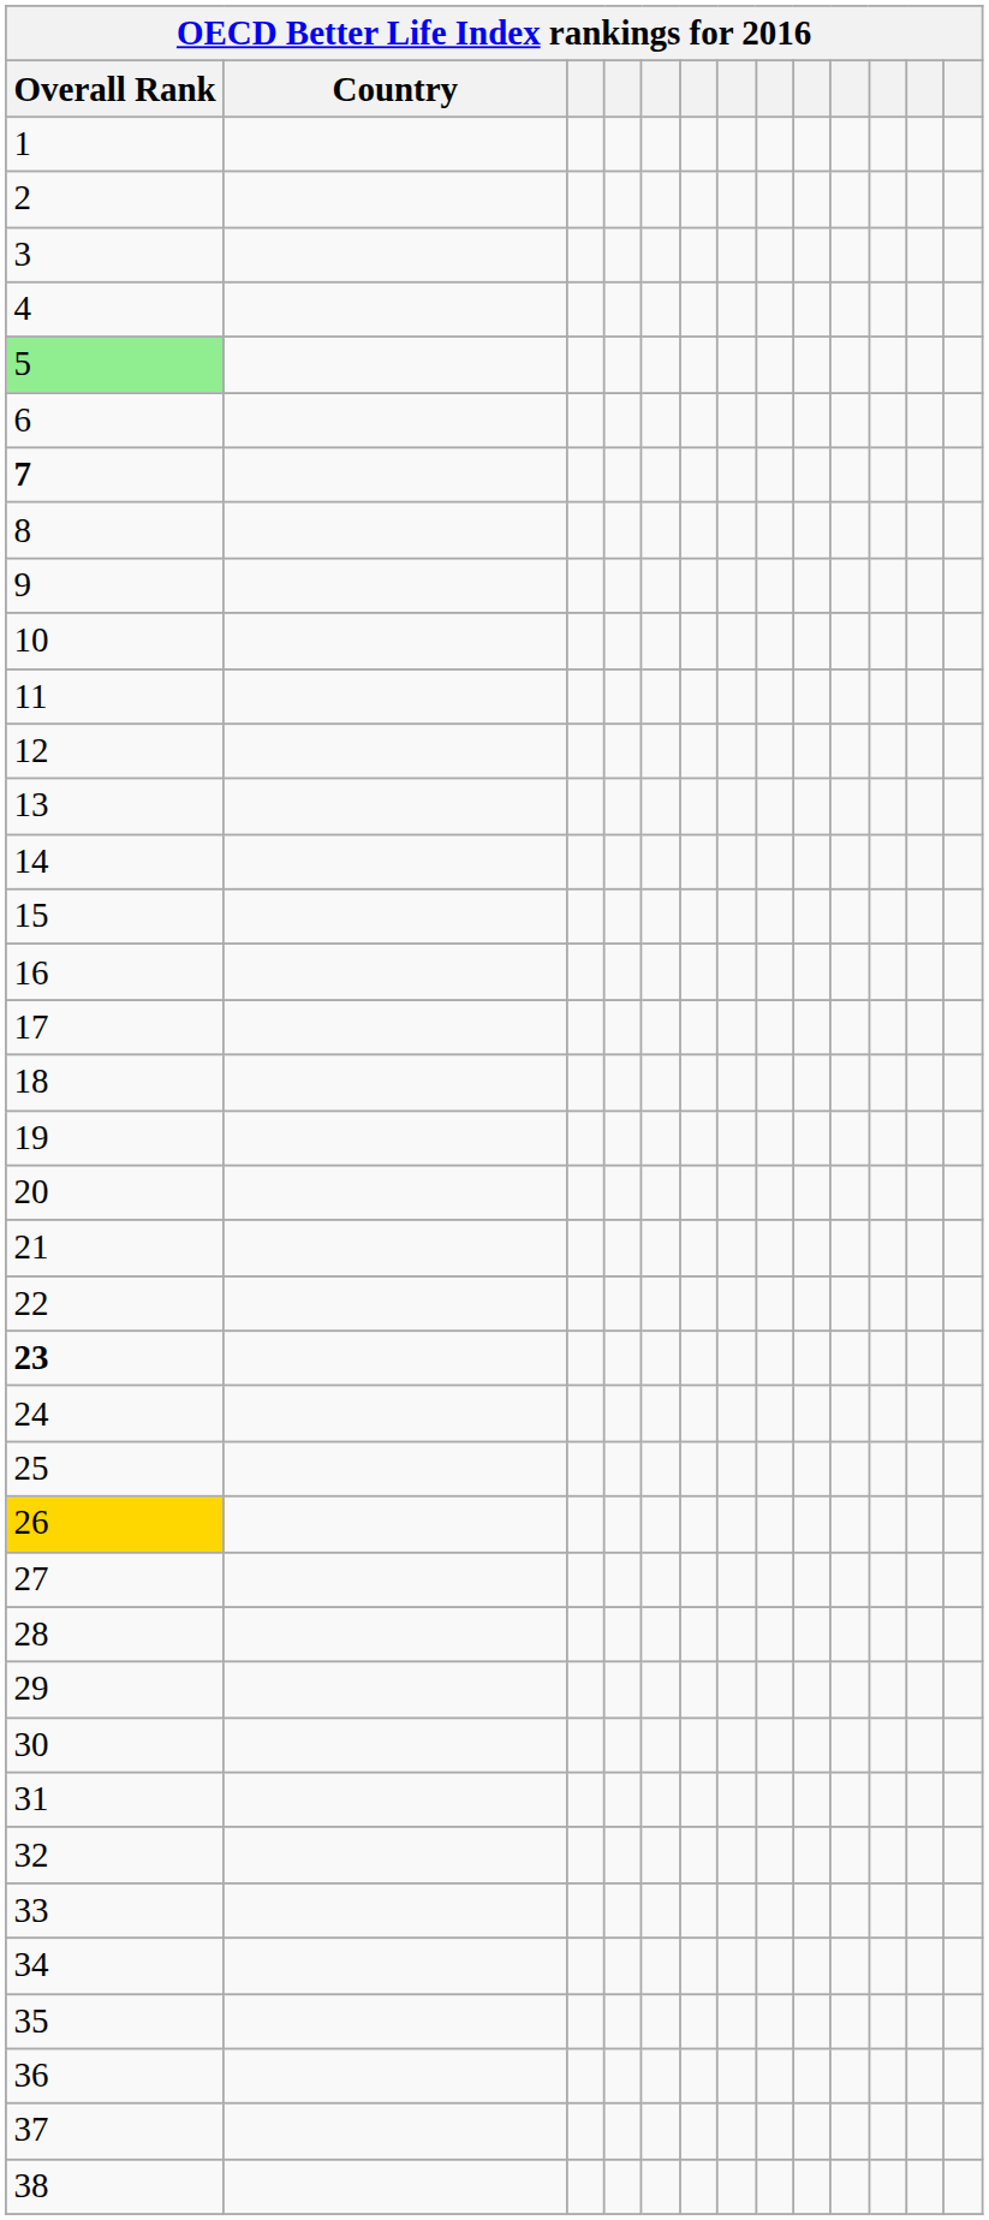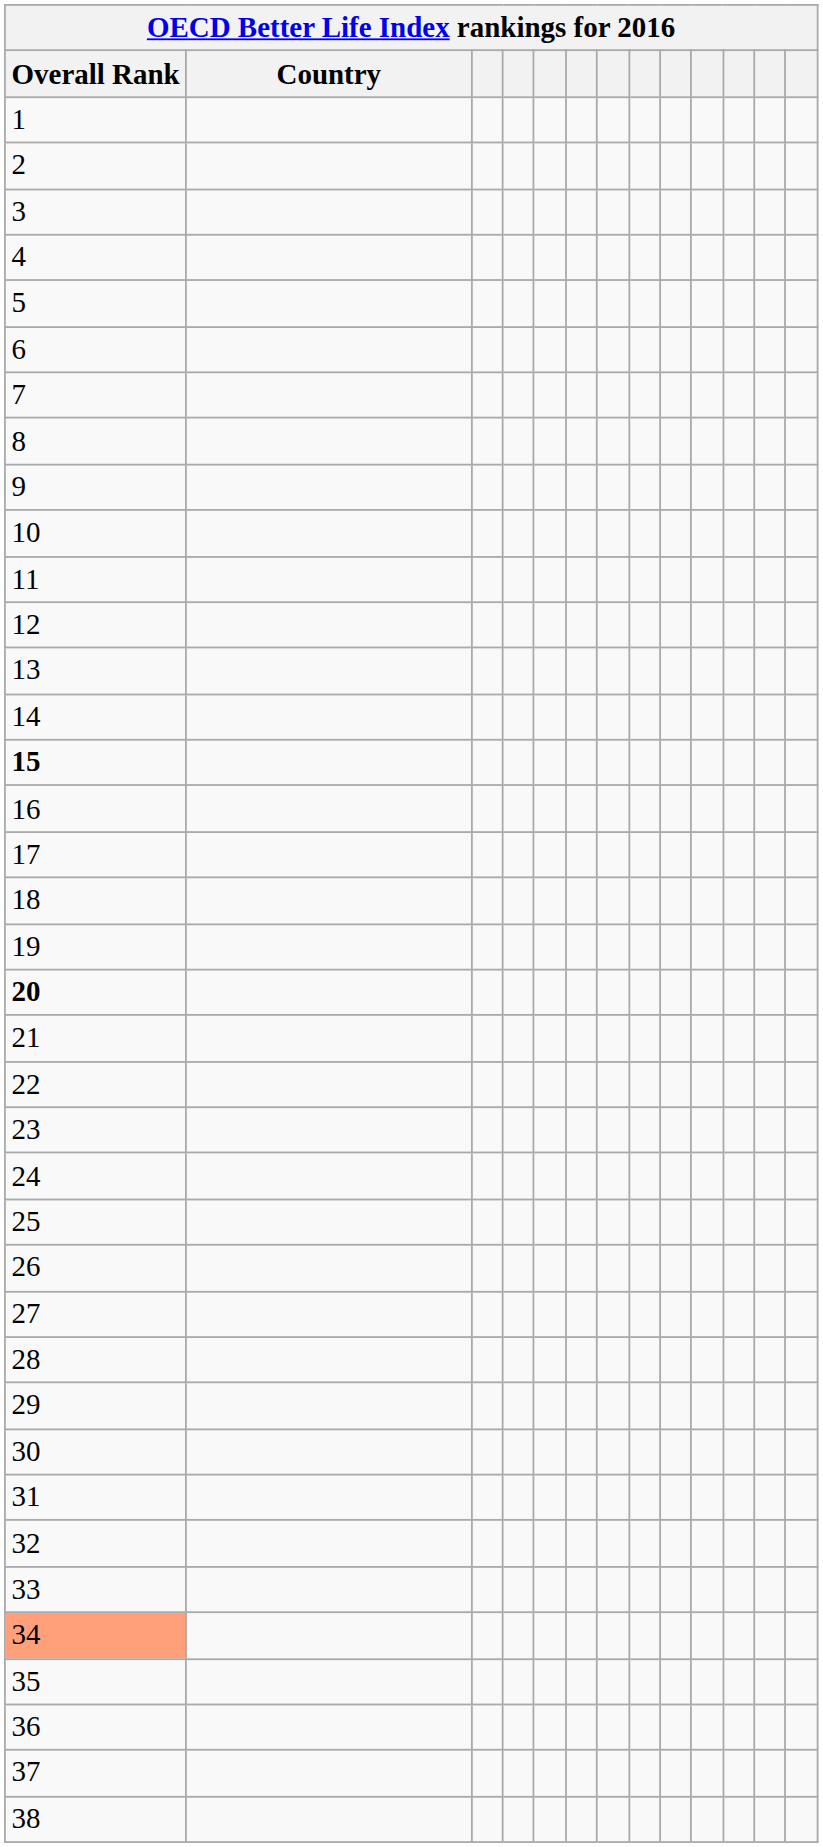 <table class="wikitable mw-collapsible ">
 <tr>
 <th style="text-align:center;" colspan="13"><a href='#'>OECD Better Life Index</a> rankings for 2016</th>
 </tr>
 <tr valign=top>
 <th>Overall Rank<br></th>
 <th style="width: 150px;">Country</th>
 <th style="width: 10px;"></th>
 <th style="width: 10px;"></th>
 <th style="width: 10px;"></th>
 <th style="width: 10px;"></th>
 <th style="width: 10px;"></th>
 <th style="width: 10px;"></th>
 <th style="width: 10px;"></th>
 <th style="width: 10px;"></th>
 <th style="width: 10px;"></th>
 <th style="width: 10px;"></th>
 <th style="width: 10px;"></th>
 </tr>
 <tr>
 <td>1</td>
 <td></td>
 <td data-sort-value="7.5"></td>
 <td data-sort-value="4.2"></td>
 <td data-sort-value="9.0"></td>
 <td data-sort-value="7.7"></td>
 <td data-sort-value="7.3"></td>
 <td data-sort-value="10.0"></td>
 <td data-sort-value="5.5"></td>
 <td data-sort-value="8.5"></td>
 <td data-sort-value="10.0"></td>
 <td data-sort-value="9.8"></td>
 <td data-sort-value="8.7"></td>
 </tr>
 <tr>
 <td>2</td>
 <td></td>
 <td data-sort-value="7.4"></td>
 <td data-sort-value="5.2"></td>
 <td data-sort-value="8.4"></td>
 <td data-sort-value="8.5"></td>
 <td data-sort-value="8.0"></td>
 <td data-sort-value="9.7"></td>
 <td data-sort-value="8.6"></td>
 <td data-sort-value="9.4"></td>
 <td data-sort-value="8.9"></td>
 <td data-sort-value="7.2"></td>
 <td data-sort-value="5.9"></td>
 </tr>
 <tr>
 <td>3</td>
 <td></td>
 <td data-sort-value="5.7"></td>
 <td data-sort-value="4.4"></td>
 <td data-sort-value="8.5"></td>
 <td data-sort-value="8.7"></td>
 <td data-sort-value="8.2"></td>
 <td data-sort-value="8.7"></td>
 <td data-sort-value="6.6"></td>
 <td data-sort-value="7.8"></td>
 <td data-sort-value="9.7"></td>
 <td data-sort-value="9.5"></td>
 <td data-sort-value="9.1"></td>
 </tr>
 <tr>
 <td>4</td>
 <td></td>
 <td data-sort-value="6.2"></td>
 <td data-sort-value="7.9"></td>
 <td data-sort-value="9.4"></td>
 <td data-sort-value="7.8"></td>
 <td data-sort-value="7.6"></td>
 <td data-sort-value="7.5"></td>
 <td data-sort-value="3.4"></td>
 <td data-sort-value="9.1"></td>
 <td data-sort-value="9.9"></td>
 <td data-sort-value="9.7"></td>
 <td data-sort-value="7.6"></td>
 </tr>
 <tr>
-<td style="background: lightgreen;">5</td>
+<td>5</td>
 <td></td>
 <td data-sort-value="7.6"></td>
 <td data-sort-value="5.6"></td>
 <td data-sort-value="8.4"></td>
 <td data-sort-value="8.0"></td>
 <td data-sort-value="7.2"></td>
 <td data-sort-value="7.9"></td>
 <td data-sort-value="6.4"></td>
 <td data-sort-value="9.6"></td>
 <td data-sort-value="9.3"></td>
 <td data-sort-value="9.0"></td>
 <td data-sort-value="7.2"></td>
 </tr>
 <tr>
 <td>6</td>
 <td></td>
 <td data-sort-value="6.5"></td>
 <td data-sort-value="5.2"></td>
 <td data-sort-value="8.1"></td>
 <td data-sort-value="7.3"></td>
 <td data-sort-value="7.6"></td>
 <td data-sort-value="9.5"></td>
 <td data-sort-value="6.4"></td>
 <td data-sort-value="9.0"></td>
 <td data-sort-value="8.8"></td>
 <td data-sort-value="8.6"></td>
 <td data-sort-value="8.5"></td>
 </tr>
 <tr>
-<td><strong>7</strong></td>
+<td>7</td>
 <td></td>
 <td data-sort-value="6.9"></td>
 <td data-sort-value="4.7"></td>
 <td data-sort-value="8.3"></td>
 <td data-sort-value="10.0"></td>
 <td data-sort-value="7.1"></td>
 <td data-sort-value="8.8"></td>
 <td data-sort-value="6.4"></td>
 <td data-sort-value="9.6"></td>
 <td data-sort-value="9.3"></td>
 <td data-sort-value="7.3"></td>
 <td data-sort-value="6.4"></td>
 </tr>
 <tr>
 <td>8</td>
 <td></td>
 <td data-sort-value="6.2"></td>
 <td data-sort-value="3.7"></td>
 <td data-sort-value="7.8"></td>
 <td data-sort-value="8.1"></td>
 <td data-sort-value="9.3"></td>
 <td data-sort-value="9.4"></td>
 <td data-sort-value="5.2"></td>
 <td data-sort-value="7.3"></td>
 <td data-sort-value="9.4"></td>
 <td data-sort-value="9.4"></td>
 <td data-sort-value="8.1"></td>
 </tr>
 <tr>
 <td>9</td>
 <td></td>
 <td data-sort-value="7.9"></td>
 <td data-sort-value="10.0"></td>
 <td data-sort-value="8.4"></td>
 <td data-sort-value="6.4"></td>
 <td data-sort-value="7.0"></td>
 <td data-sort-value="7.5"></td>
 <td data-sort-value="6.5"></td>
 <td data-sort-value="8.9"></td>
 <td data-sort-value="7.3"></td>
 <td data-sort-value="7.5"></td>
 <td data-sort-value="6.2"></td>
 </tr>
 <tr>
 <td>10</td>
 <td></td>
 <td data-sort-value="5.3"></td>
 <td data-sort-value="4.6"></td>
 <td data-sort-value="9.7"></td>
 <td data-sort-value="8.8"></td>
 <td data-sort-value="7.5"></td>
 <td data-sort-value="9.7"></td>
 <td data-sort-value="5.2"></td>
 <td data-sort-value="8.6"></td>
 <td data-sort-value="9.6"></td>
 <td data-sort-value="8.8"></td>
 <td data-sort-value="5.5"></td>
 </tr>
 <tr>
 <td>11</td>
 <td></td>
 <td data-sort-value="7.0"></td>
 <td data-sort-value="5.1"></td>
 <td data-sort-value="8.4"></td>
 <td data-sort-value="5.4"></td>
 <td data-sort-value="7.3"></td>
 <td data-sort-value="7.3"></td>
 <td data-sort-value="3.9"></td>
 <td data-sort-value="8.3"></td>
 <td data-sort-value="9.0"></td>
 <td data-sort-value="9.0"></td>
 <td data-sort-value="9.4"></td>
 </tr>
 <tr>
 <td>12</td>
 <td></td>
 <td data-sort-value="6.2"></td>
 <td data-sort-value="5.0"></td>
 <td data-sort-value="8.2"></td>
 <td data-sort-value="7.3"></td>
 <td data-sort-value="8.0"></td>
 <td data-sort-value="7.6"></td>
 <td data-sort-value="4.9"></td>
 <td data-sort-value="7.3"></td>
 <td data-sort-value="7.9"></td>
 <td data-sort-value="8.4"></td>
 <td data-sort-value="8.4"></td>
 </tr>
 <tr>
 <td>13</td>
 <td></td>
 <td data-sort-value="6.8"></td>
 <td data-sort-value="6.9"></td>
 <td data-sort-value="8.7"></td>
 <td data-sort-value="7.8"></td>
 <td data-sort-value="5.3"></td>
 <td data-sort-value="6.8"></td>
 <td data-sort-value="6.0"></td>
 <td data-sort-value="8.1"></td>
 <td data-sort-value="6.7"></td>
 <td data-sort-value="8.1"></td>
 <td data-sort-value="8.2"></td>
 </tr>
 <tr>
 <td>14</td>
 <td></td>
 <td data-sort-value="6.7"></td>
 <td data-sort-value="5.8"></td>
 <td data-sort-value="7.3"></td>
 <td data-sort-value="5.6"></td>
 <td data-sort-value="7.5"></td>
 <td data-sort-value="5.8"></td>
 <td data-sort-value="7.1"></td>
 <td data-sort-value="8.1"></td>
 <td data-sort-value="7.4"></td>
 <td data-sort-value="7.8"></td>
 <td data-sort-value="8.7"></td>
 </tr>
 <tr>
-<td>15</td>
+<td><strong>15</strong></td>
 <td></td>
 <td data-sort-value="5.8"></td>
 <td data-sort-value="5.2"></td>
 <td data-sort-value="8.3"></td>
 <td data-sort-value="7.4"></td>
 <td data-sort-value="6.9"></td>
 <td data-sort-value="7.6"></td>
 <td data-sort-value="3.9"></td>
 <td data-sort-value="7.7"></td>
 <td data-sort-value="8.1"></td>
 <td data-sort-value="9.1"></td>
 <td data-sort-value="6.9"></td>
 </tr>
 <tr>
 <td>16</td>
 <td></td>
 <td data-sort-value="6.1"></td>
 <td data-sort-value="4.9"></td>
 <td data-sort-value="7.8"></td>
 <td data-sort-value="7.8"></td>
 <td data-sort-value="6.4"></td>
 <td data-sort-value="7.9"></td>
 <td data-sort-value="5.9"></td>
 <td data-sort-value="8.1"></td>
 <td data-sort-value="6.0"></td>
 <td data-sort-value="8.8"></td>
 <td data-sort-value="6.6"></td>
 </tr>
 <tr>
 <td>17</td>
 <td></td>
 <td data-sort-value="6.9"></td>
 <td data-sort-value="3.1"></td>
 <td data-sort-value="7.1"></td>
 <td data-sort-value="8.6"></td>
 <td data-sort-value="7.3"></td>
 <td data-sort-value="8.0"></td>
 <td data-sort-value="2.4"></td>
 <td data-sort-value="8.9"></td>
 <td data-sort-value="7.2"></td>
 <td data-sort-value="8.6"></td>
 <td data-sort-value="8.2"></td>
 </tr>
 <tr>
 <td>18</td>
 <td></td>
 <td data-sort-value="6.2"></td>
 <td data-sort-value="4.8"></td>
 <td data-sort-value="7.1"></td>
 <td data-sort-value="6.0"></td>
 <td data-sort-value="5.9"></td>
 <td data-sort-value="6.8"></td>
 <td data-sort-value="6.0"></td>
 <td data-sort-value="7.7"></td>
 <td data-sort-value="5.4"></td>
 <td data-sort-value="8.0"></td>
 <td data-sort-value="9.0"></td>
 </tr>
 <tr>
 <td>19</td>
 <td></td>
 <td data-sort-value="6.1"></td>
 <td data-sort-value="2.9"></td>
 <td data-sort-value="3.5"></td>
 <td data-sort-value="8.7"></td>
 <td data-sort-value="5.5"></td>
 <td data-sort-value="6.0"></td>
 <td data-sort-value="4.2"></td>
 <td data-sort-value="8.3"></td>
 <td data-sort-value="5.5"></td>
 <td data-sort-value="9.1"></td>
 <td data-sort-value="8.8"></td>
 </tr>
 <tr>
-<td>20</td>
+<td><strong>20</strong></td>
 <td></td>
 <td data-sort-value="6.1"></td>
 <td data-sort-value="2.0"></td>
 <td data-sort-value="6.5"></td>
 <td data-sort-value="5.8"></td>
 <td data-sort-value="7.7"></td>
 <td data-sort-value="7.6"></td>
 <td data-sort-value="4.1"></td>
 <td data-sort-value="7.2"></td>
 <td data-sort-value="3.1"></td>
 <td data-sort-value="9.4"></td>
 <td data-sort-value="7.4"></td>
 </tr>
 <tr>
 <td>21</td>
 <td></td>
 <td data-sort-value="4.5"></td>
 <td data-sort-value="2.1"></td>
 <td data-sort-value="6.7"></td>
 <td data-sort-value="6.5"></td>
 <td data-sort-value="7.6"></td>
 <td data-sort-value="6.7"></td>
 <td data-sort-value="4.6"></td>
 <td data-sort-value="6.3"></td>
 <td data-sort-value="6.3"></td>
 <td data-sort-value="7.9"></td>
 <td data-sort-value="7.6"></td>
 </tr>
 <tr>
 <td>22</td>
 <td></td>
 <td data-sort-value="5.3"></td>
 <td data-sort-value="1.6"></td>
 <td data-sort-value="6.4"></td>
 <td data-sort-value="6.4"></td>
 <td data-sort-value="8.2"></td>
 <td data-sort-value="8.0"></td>
 <td data-sort-value="5.5"></td>
 <td data-sort-value="5.5"></td>
 <td data-sort-value="2.7"></td>
 <td data-sort-value="6.9"></td>
 <td data-sort-value="7.8"></td>
 </tr>
 <tr>
-<td><strong>23</strong></td>
+<td>23</td>
 <td></td>
 <td data-sort-value="5.2"></td>
 <td data-sort-value="5.7"></td>
 <td data-sort-value="7.9"></td>
 <td data-sort-value="6.7"></td>
 <td data-sort-value="7.6"></td>
 <td data-sort-value="6.7"></td>
 <td data-sort-value="1.5"></td>
 <td data-sort-value="5.0"></td>
 <td data-sort-value="3.7"></td>
 <td data-sort-value="8.0"></td>
 <td data-sort-value="5.4"></td>
 </tr>
 <tr>
 <td>24</td>
 <td></td>
 <td data-sort-value="4.0"></td>
 <td data-sort-value="1.7"></td>
 <td data-sort-value="5.0"></td>
 <td data-sort-value="7.3"></td>
 <td data-sort-value="6.1"></td>
 <td data-sort-value="6.1"></td>
 <td data-sort-value="5.2"></td>
 <td data-sort-value="6.5"></td>
 <td data-sort-value="4.7"></td>
 <td data-sort-value="7.1"></td>
 <td data-sort-value="7.5"></td>
 </tr>
 <tr>
 <td>25</td>
 <td></td>
 <td data-sort-value="4.8"></td>
 <td data-sort-value="4.2"></td>
 <td data-sort-value="5.3"></td>
 <td data-sort-value="6.6"></td>
 <td data-sort-value="5.1"></td>
 <td data-sort-value="4.5"></td>
 <td data-sort-value="4.2"></td>
 <td data-sort-value="7.7"></td>
 <td data-sort-value="3.5"></td>
 <td data-sort-value="6.9"></td>
 <td data-sort-value="7.8"></td>
 </tr>
 <tr>
-<td style="background: gold;">26</td>
+<td>26</td>
 <td></td>
 <td data-sort-value="4.5"></td>
 <td data-sort-value="3.5"></td>
 <td data-sort-value="7.3"></td>
 <td data-sort-value="4.5"></td>
 <td data-sort-value="5.6"></td>
 <td data-sort-value="2.3"></td>
 <td data-sort-value="2.8"></td>
 <td data-sort-value="8.9"></td>
 <td data-sort-value="8.1"></td>
 <td data-sort-value="7.4"></td>
 <td data-sort-value="5.2"></td>
 </tr>
 <tr>
 <td>27</td>
 <td></td>
 <td data-sort-value="4.4"></td>
 <td data-sort-value="1.7"></td>
 <td data-sort-value="5.9"></td>
 <td data-sort-value="4.7"></td>
 <td data-sort-value="8.1"></td>
 <td data-sort-value="5.8"></td>
 <td data-sort-value="4.1"></td>
 <td data-sort-value="5.9"></td>
 <td data-sort-value="4.1"></td>
 <td data-sort-value="7.5"></td>
 <td data-sort-value="6.7"></td>
 </tr>
 <tr>
 <td>28</td>
 <td></td>
 <td data-sort-value="6.1"></td>
 <td data-sort-value="2.5"></td>
 <td data-sort-value="7.7"></td>
 <td data-sort-value="0.2"></td>
 <td data-sort-value="8.0"></td>
 <td data-sort-value="2.9"></td>
 <td data-sort-value="6.1"></td>
 <td data-sort-value="4.7"></td>
 <td data-sort-value="3.3"></td>
 <td data-sort-value="7.6"></td>
 <td data-sort-value="5.0"></td>
 </tr>
 <tr>
 <td>29</td>
 <td></td>
 <td data-sort-value="6.4"></td>
 <td data-sort-value="2.5"></td>
 <td data-sort-value="5.1"></td>
 <td data-sort-value="4.2"></td>
 <td data-sort-value="4.6"></td>
 <td data-sort-value="8.2"></td>
 <td data-sort-value="1.6"></td>
 <td data-sort-value="5.5"></td>
 <td data-sort-value="0.7"></td>
 <td data-sort-value="7.8"></td>
 <td data-sort-value="6.8"></td>
 </tr>
 <tr>
 <td>30</td>
 <td></td>
 <td data-sort-value="1.8"></td>
 <td data-sort-value="1.0"></td>
 <td data-sort-value="6.1"></td>
 <td data-sort-value="3.8"></td>
 <td data-sort-value="7.5"></td>
 <td data-sort-value="6.4"></td>
 <td data-sort-value="4.2"></td>
 <td data-sort-value="4.6"></td>
 <td data-sort-value="3.7"></td>
 <td data-sort-value="6.1"></td>
 <td data-sort-value="6.6"></td>
 </tr>
 <tr>
 <td>31</td>
 <td></td>
 <td data-sort-value="4.1"></td>
 <td data-sort-value="1.9"></td>
 <td data-sort-value="1.4"></td>
 <td data-sort-value="3.5"></td>
 <td data-sort-value="6.2"></td>
 <td data-sort-value="5.0"></td>
 <td data-sort-value="3.7"></td>
 <td data-sort-value="8.2"></td>
 <td data-sort-value="2.7"></td>
 <td data-sort-value="7.0"></td>
 <td data-sort-value="7.2"></td>
 </tr>
 <tr>
 <td>32</td>
 <td></td>
 <td data-sort-value="4.5"></td>
 <td data-sort-value="1.5"></td>
 <td data-sort-value="5.9"></td>
 <td data-sort-value="3.0"></td>
 <td data-sort-value="6.6"></td>
 <td data-sort-value="5.6"></td>
 <td data-sort-value="2.3"></td>
 <td data-sort-value="5.6"></td>
 <td data-sort-value="1.7"></td>
 <td data-sort-value="6.2"></td>
 <td data-sort-value="7.9"></td>
 </tr>
 <tr>
 <td>33</td>
 <td></td>
 <td data-sort-value="4.7"></td>
 <td data-sort-value="1.3"></td>
 <td data-sort-value="7.1"></td>
 <td data-sort-value="6.6"></td>
 <td data-sort-value="6.4"></td>
 <td data-sort-value="3.2"></td>
 <td data-sort-value="1.9"></td>
 <td data-sort-value="3.0"></td>
 <td data-sort-value="4.1"></td>
 <td data-sort-value="4.2"></td>
 <td data-sort-value="8.2"></td>
 </tr>
 <tr>
-<td>34</td>
+<td style="background: lightsalmon;">34</td>
 <td></td>
 <td data-sort-value="4.4"></td>
 <td data-sort-value="1.4"></td>
 <td data-sort-value="6.1"></td>
 <td data-sort-value="3.1"></td>
 <td data-sort-value="4.3"></td>
 <td data-sort-value="4.6"></td>
 <td data-sort-value="1.3"></td>
 <td data-sort-value="6.3"></td>
 <td data-sort-value="6.1"></td>
 <td data-sort-value="5.4"></td>
 <td data-sort-value="6.5"></td>
 </tr>
 <tr>
 <td>35</td>
 <td></td>
 <td data-sort-value="3.5"></td>
 <td data-sort-value="0.6"></td>
 <td data-sort-value="6.2"></td>
 <td data-sort-value="6.3"></td>
 <td data-sort-value="1.9"></td>
 <td data-sort-value="5.1"></td>
 <td data-sort-value="4.3"></td>
 <td data-sort-value="6.6"></td>
 <td data-sort-value="6.1"></td>
 <td data-sort-value="0.0"></td>
 <td data-sort-value="6.3"></td>
 </tr>
 <tr>
 <td>36</td>
 <td></td>
 <td data-sort-value="3.8"></td>
 <td data-sort-value="0.7"></td>
 <td data-sort-value="5.0"></td>
 <td data-sort-value="3.6"></td>
 <td data-sort-value="3.3"></td>
 <td data-sort-value="3.9"></td>
 <td data-sort-value="6.5"></td>
 <td data-sort-value="6.7"></td>
 <td data-sort-value="2.3"></td>
 <td data-sort-value="6.8"></td>
 <td data-sort-value="0.0"></td>
 </tr>
 <tr>
 <td>37</td>
 <td></td>
 <td data-sort-value="3.9"></td>
 <td data-sort-value="0.8"></td>
 <td data-sort-value="6.1"></td>
 <td data-sort-value="0.0"></td>
 <td data-sort-value="0.7"></td>
 <td data-sort-value="5.7"></td>
 <td data-sort-value="6.6"></td>
 <td data-sort-value="6.1"></td>
 <td data-sort-value="5.0"></td>
 <td data-sort-value="0.7"></td>
 <td data-sort-value="2.1"></td>
 </tr>
 <tr>
 <td>38</td>
 <td></td>
 <td data-sort-value="1.6"></td>
 <td data-sort-value="0.4"></td>
 <td data-sort-value="1.4"></td>
 <td data-sort-value="6.1"></td>
 <td data-sort-value="2.3"></td>
 <td data-sort-value="5.2"></td>
 <td data-sort-value="4.2"></td>
 <td data-sort-value="2.9"></td>
 <td data-sort-value="0.0"></td>
 <td data-sort-value="3.3"></td>
 <td data-sort-value="5.7"></td>
 </tr>
 </table>
